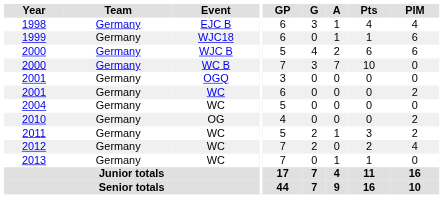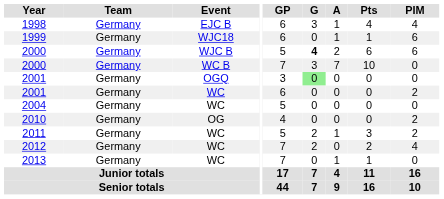 <table border="0" cellpadding="1" cellspacing="0" ID="Table3" style="text-align:center; width:40em">
 <tr ALIGN="center" bgcolor="#e0e0e0">
 <th>Year</th>
 <th>Team</th>
 <th>Event</th>
 <th rowspan="99" bgcolor="#ffffff"></th>
 <th>GP</th>
 <th>G</th>
 <th>A</th>
 <th>Pts</th>
 <th>PIM</th>
 </tr>
 <tr>
 <td><a href='#'>1998</a></td>
 <td><a href='#'>Germany</a></td>
 <td><a href='#'>EJC B</a></td>
 <td>6</td>
 <td>3</td>
 <td>1</td>
 <td>4</td>
 <td>4</td>
 </tr>
 <tr bgcolor="#f0f0f0">
 <td><a href='#'>1999</a></td>
 <td>Germany</td>
 <td><a href='#'>WJC18</a></td>
 <td>6</td>
 <td>0</td>
 <td>1</td>
 <td>1</td>
 <td>6</td>
 </tr>
 <tr>
 <td><a href='#'>2000</a></td>
 <td><a href='#'>Germany</a></td>
 <td><a href='#'>WJC B</a></td>
 <td>5</td>
-<td>4</td>
+<td><strong>4</strong></td>
 <td>2</td>
 <td>6</td>
 <td>6</td>
 </tr>
 <tr bgcolor="#f0f0f0">
 <td><a href='#'>2000</a></td>
 <td><a href='#'>Germany</a></td>
 <td><a href='#'>WC B</a></td>
 <td>7</td>
 <td>3</td>
 <td>7</td>
 <td>10</td>
 <td>0</td>
 </tr>
 <tr>
 <td><a href='#'>2001</a></td>
 <td>Germany</td>
 <td><a href='#'>OGQ</a></td>
 <td>3</td>
-<td>0</td>
+<td style="background: lightgreen;">0</td>
 <td>0</td>
 <td>0</td>
 <td>0</td>
 </tr>
 <tr bgcolor="#f0f0f0">
 <td><a href='#'>2001</a></td>
 <td>Germany</td>
 <td><a href='#'>WC</a></td>
 <td>6</td>
 <td>0</td>
 <td>0</td>
 <td>0</td>
 <td>2</td>
 </tr>
 <tr>
 <td><a href='#'>2004</a></td>
 <td>Germany</td>
 <td>WC</td>
 <td>5</td>
 <td>0</td>
 <td>0</td>
 <td>0</td>
 <td>0</td>
 </tr>
 <tr bgcolor="#f0f0f0">
 <td><a href='#'>2010</a></td>
 <td>Germany</td>
 <td>OG</td>
 <td>4</td>
 <td>0</td>
 <td>0</td>
 <td>0</td>
 <td>2</td>
 </tr>
 <tr>
 <td><a href='#'>2011</a></td>
 <td>Germany</td>
 <td>WC</td>
 <td>5</td>
 <td>2</td>
 <td>1</td>
 <td>3</td>
 <td>2</td>
 </tr>
 <tr bgcolor="#f0f0f0">
 <td><a href='#'>2012</a></td>
 <td>Germany</td>
 <td>WC</td>
 <td>7</td>
 <td>2</td>
 <td>0</td>
 <td>2</td>
 <td>4</td>
 </tr>
 <tr>
 <td><a href='#'>2013</a></td>
 <td>Germany</td>
 <td>WC</td>
 <td>7</td>
 <td>0</td>
 <td>1</td>
 <td>1</td>
 <td>0</td>
 </tr>
 <tr bgcolor="#e0e0e0">
 <th colspan="3">Junior totals</th>
 <th>17</th>
 <th>7</th>
 <th>4</th>
 <th>11</th>
 <th>16</th>
 </tr>
 <tr bgcolor="#e0e0e0">
 <th colspan="3">Senior totals</th>
 <th>44</th>
 <th>7</th>
 <th>9</th>
 <th>16</th>
 <th>10</th>
 </tr>
 </table>
